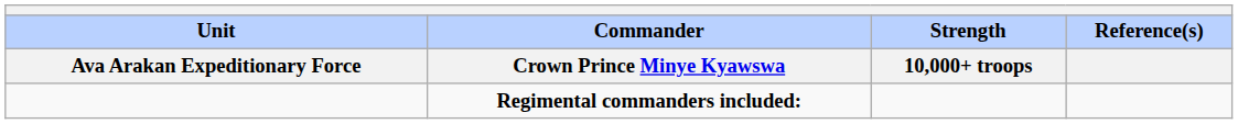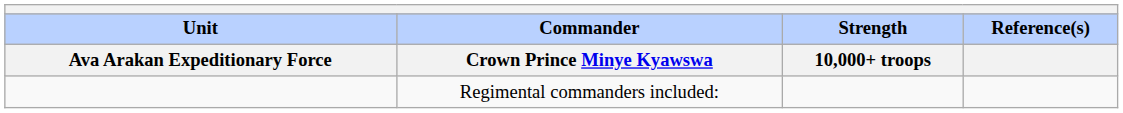 <table class="wikitable collapsible" style="min-width:60em; margin:0.3em auto; font-size:88%;">
 <tr>
 <th colspan=5></th>
 </tr>
 <tr>
 <th style="background-color:#B9D1FF">Unit</th>
 <th style="background-color:#B9D1FF">Commander</th>
 <th style="background-color:#B9D1FF">Strength</th>
 <th style="background-color:#B9D1FF">Reference(s)</th>
 </tr>
 <tr>
 <th colspan="1">Ava Arakan Expeditionary Force</th>
 <th colspan="1">Crown Prince <a href='#'>Minye Kyawswa</a></th>
 <th colspan="1">10,000+ troops</th>
 <th colspan="1"></th>
 </tr>
 <tr>
 <td align="center"></td>
-<td align="center"><strong>Regimental commanders included: </strong></td>
+<td align="center">Regimental commanders included: </td>
 <td align="center"></td>
 <td align="center"></td>
 </tr>
 </table>
